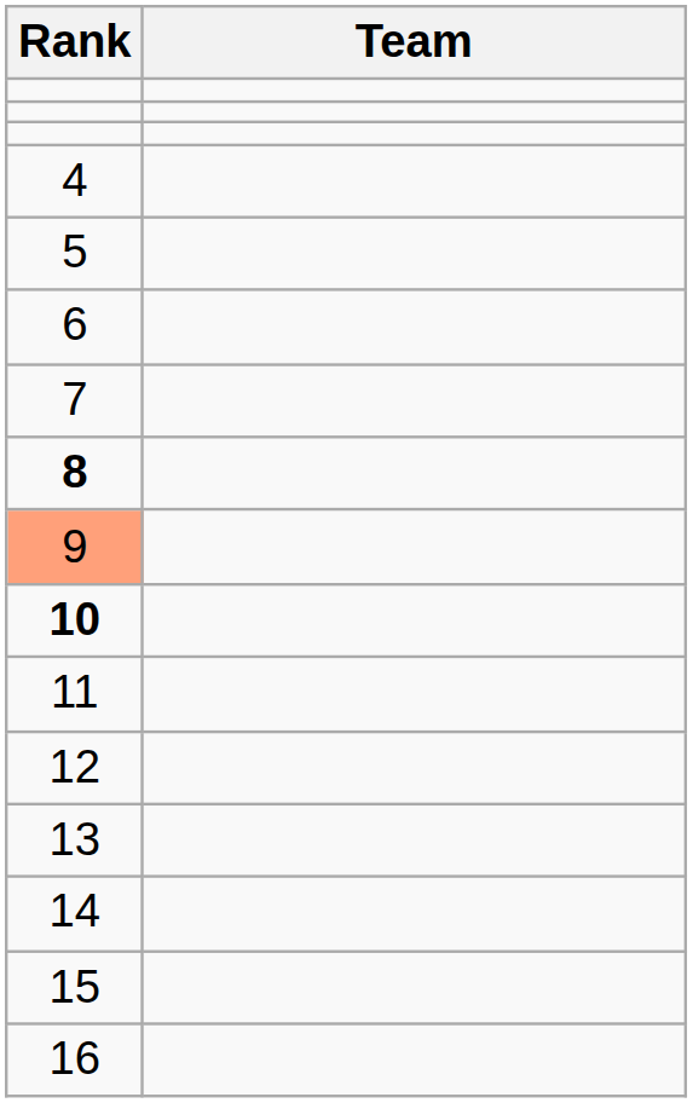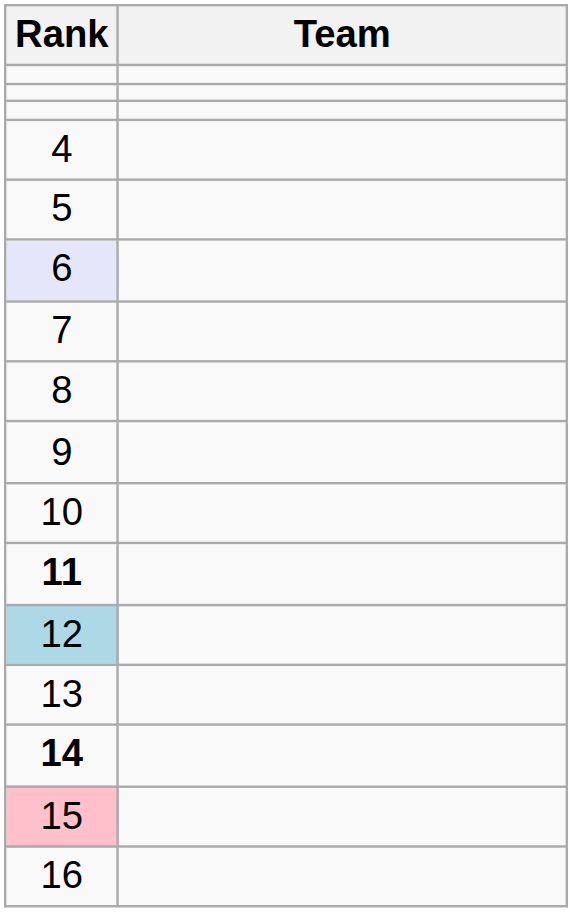 <table class="wikitable" style="text-align: center;">
 <tr>
 <th style="width: 40px;">Rank</th>
 <th style="width: 180px;">Team</th>
 </tr>
 <tr>
 <td></td>
 <td style="text-align: left;"></td>
 </tr>
 <tr>
 <td></td>
 <td style="text-align: left;"></td>
 </tr>
 <tr>
 <td></td>
 <td style="text-align: left;"></td>
 </tr>
 <tr>
 <td>4</td>
 <td style="text-align: left;"></td>
 </tr>
 <tr>
 <td>5</td>
 <td style="text-align: left;"></td>
 </tr>
 <tr>
-<td>6</td>
+<td style="background: lavender;">6</td>
 <td style="text-align: left;"></td>
 </tr>
 <tr>
 <td>7</td>
 <td style="text-align: left;"></td>
 </tr>
 <tr>
-<td><strong>8</strong></td>
+<td>8</td>
 <td style="text-align: left;"></td>
 </tr>
 <tr>
-<td style="background: lightsalmon;">9</td>
+<td>9</td>
 <td style="text-align: left;"></td>
 </tr>
 <tr>
-<td><strong>10</strong></td>
+<td>10</td>
 <td style="text-align: left;"></td>
 </tr>
 <tr>
-<td>11</td>
+<td><strong>11</strong></td>
 <td style="text-align: left;"></td>
 </tr>
 <tr>
-<td>12</td>
+<td style="background: lightblue;">12</td>
 <td style="text-align: left;"></td>
 </tr>
 <tr>
 <td>13</td>
 <td style="text-align: left;"></td>
 </tr>
 <tr>
-<td>14</td>
+<td><strong>14</strong></td>
 <td style="text-align: left;"></td>
 </tr>
 <tr>
-<td>15</td>
+<td style="background: pink;">15</td>
 <td style="text-align: left;"></td>
 </tr>
 <tr>
 <td>16</td>
 <td style="text-align: left;"></td>
 </tr>
 </table>
